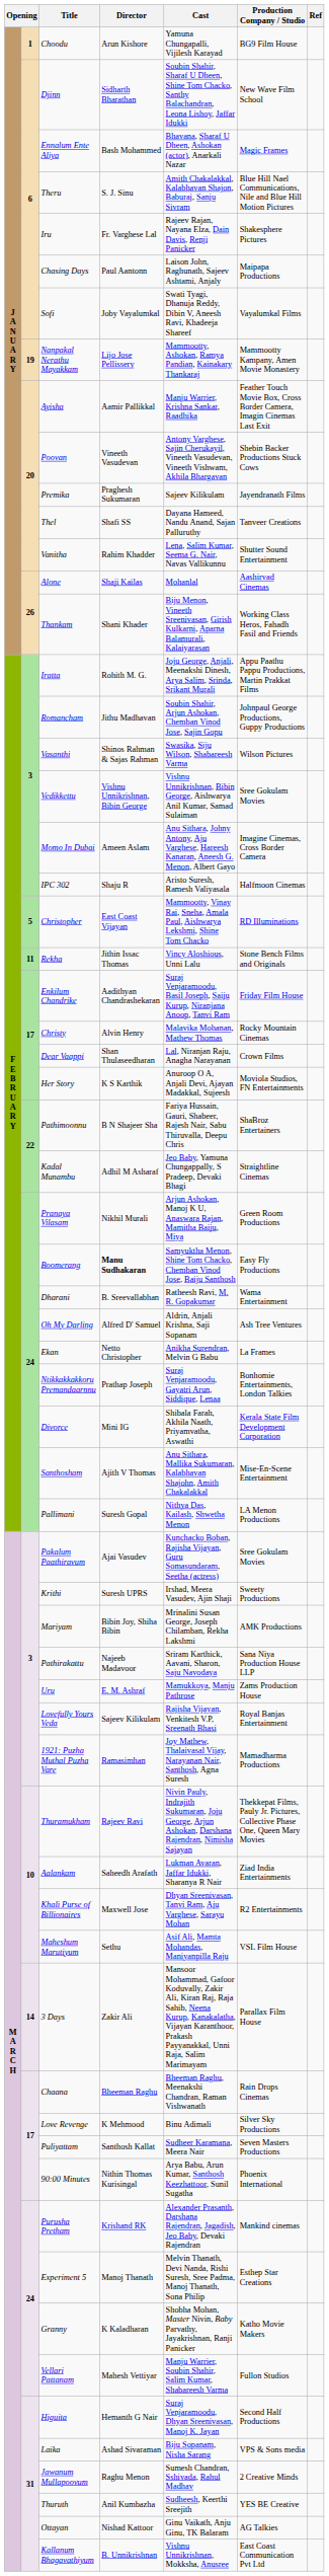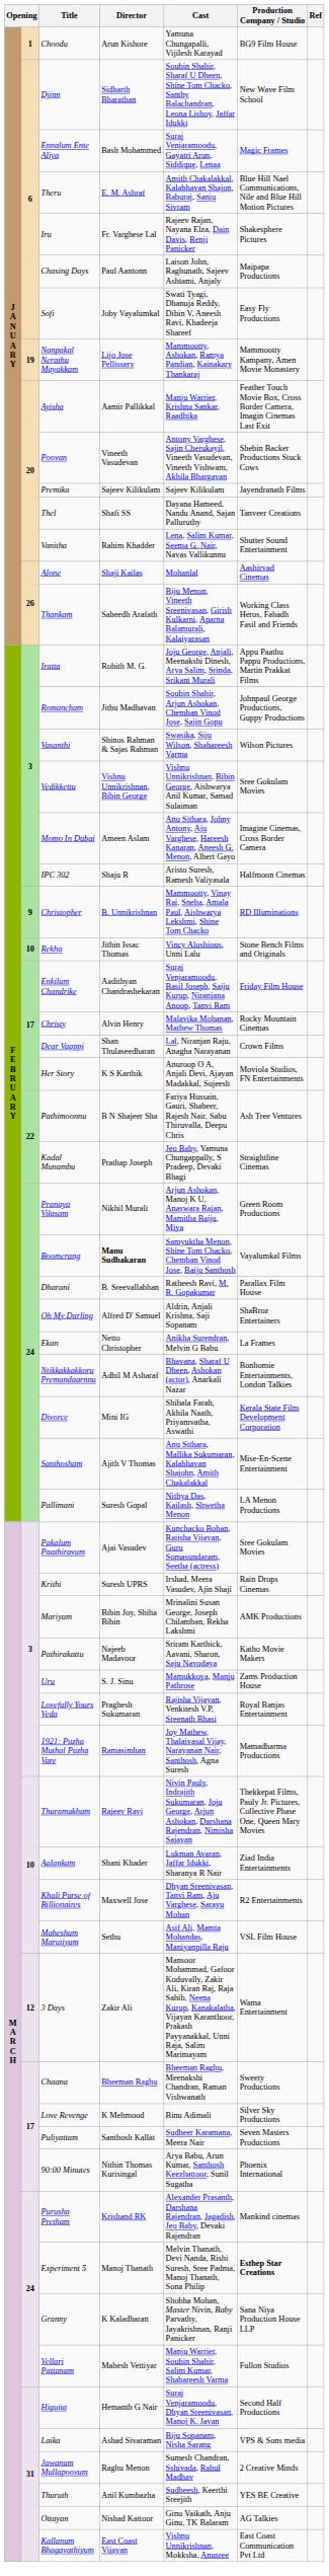 <table class="wikitable sortable">
 <tr>
 <th colspan="2" class="unsortable">Opening</th>
 <th>Title</th>
 <th>Director</th>
 <th>Cast</th>
 <th>Production Company / Studio</th>
 <th>Ref</th>
 </tr>
 <tr>
 <td rowspan="15" style="text-align:center; background:#C19A6B; textcolor:#000;"><strong>J<br>A<br>N<br>U<br>A<br>R<br>Y</strong></td>
 <td rowspan="1" style="text-align:center;background:#F5DEB3;"><strong>1</strong></td>
 <td><em>Choodu</em></td>
 <td>Arun Kishore</td>
 <td>Yamuna Chungapalli, Vijilesh Karayad</td>
 <td>BG9 Film House</td>
 <td></td>
 </tr>
 <tr>
 <td rowspan="6" style="text-align:center;background:#F5DEB3;"><strong>6</strong></td>
 <td><em><a href='#'>Djinn</a></em></td>
 <td><a href='#'>Sidharth Bharathan</a></td>
 <td><a href='#'>Soubin Shahir</a>, <a href='#'>Sharaf U Dheen</a>, <a href='#'>Shine Tom Chacko</a>, <a href='#'>Santhy Balachandran</a>, <a href='#'>Leona Lishoy</a>, <a href='#'>Jaffar Idukki</a></td>
 <td>New Wave Film School</td>
 <td></td>
 </tr>
 <tr>
 <td><em><a href='#'>Ennalum Ente Aliya</a></em></td>
 <td>Bash Mohammed</td>
-<td><a href='#'>Bhavana</a>, <a href='#'>Sharaf U Dheen</a>, <a href='#'>Ashokan (actor)</a>, Anarkali Nazar</td>
+<td><a href='#'>Suraj Venjaramoodu</a>, <a href='#'>Gayatri Arun</a>, <a href='#'>Siddique</a>, <a href='#'>Lenaa</a></td>
 <td><a href='#'>Magic Frames</a></td>
 <td></td>
 </tr>
 <tr>
 <td><em>Theru</em></td>
-<td>S. J. Sinu</td>
+<td><a href='#'>E. M. Ashraf</a></td>
 <td><a href='#'>Amith Chakalakkal</a>, <a href='#'>Kalabhavan Shajon</a>, <a href='#'>Baburaj</a>, <a href='#'>Sanju Sivram</a></td>
 <td>Blue Hill Nael Communications, Nile and Blue Hill Motion Pictures</td>
 <td></td>
 </tr>
 <tr>
 <td><em>Iru</em></td>
 <td>Fr. Varghese Lal</td>
 <td>Rajeev Rajan, Nayana Elza, <a href='#'>Dain Davis</a>, <a href='#'>Renji Panicker</a></td>
 <td>Shakesphere Pictures</td>
 <td></td>
 </tr>
 <tr>
 <td><em>Chasing Days</em></td>
 <td>Paul Aantonn</td>
 <td>Laison John, Raghunath,  Sajeev Ashtami, Anjaly</td>
 <td>Maipapa Productions</td>
 <td></td>
 </tr>
 <tr>
 <td><em>Sofi</em></td>
 <td>Joby Vayalumkal</td>
 <td>Swati Tyagi, Dhanuja Reddy, Dibin V, Aneesh Ravi, Khadeeja Shareef</td>
-<td>Vayalumkal Films</td>
+<td>Easy Fly Productions</td>
 <td></td>
 </tr>
 <tr>
 <td rowspan="1" style="text-align:center;background:#F5DEB3;"><strong>19</strong></td>
 <td><em><a href='#'>Nanpakal Nerathu Mayakkam</a></em></td>
 <td><a href='#'>Lijo Jose Pellissery</a></td>
 <td><a href='#'>Mammootty</a>, <a href='#'>Ashokan</a>, <a href='#'>Ramya Pandian</a>, <a href='#'>Kainakary Thankaraj</a></td>
 <td>Mammootty Kampany, Amen Movie Monastery</td>
 <td></td>
 </tr>
 <tr>
 <td rowspan="5" style="text-align:center;background:#F5DEB3;"><strong>20</strong></td>
 <td><em><a href='#'>Ayisha</a></em></td>
 <td>Aamir Pallikkal</td>
 <td><a href='#'>Manju Warrier</a>, <a href='#'>Krishna Sankar</a>, <a href='#'>Raadhika</a></td>
 <td>Feather Touch Movie Box, Cross Border Camera, Imagin Cinemas Last Exit</td>
 <td></td>
 </tr>
 <tr>
 <td><em><a href='#'>Poovan</a></em></td>
 <td>Vineeth Vasudevan</td>
 <td><a href='#'>Antony Varghese</a>, <a href='#'>Sajin Cherukayil</a>, Vineeth Vasudevan, Vineeth Vishwam, <a href='#'>Akhila Bhargavan</a></td>
 <td>Shebin Backer Productions Stuck Cows</td>
 <td></td>
 </tr>
 <tr>
 <td><em>Premika</em></td>
-<td>Praghesh Sukumaran</td>
+<td>Sajeev Kilikulam</td>
 <td>Sajeev Kilikulam</td>
 <td>Jayendranath Films</td>
 <td></td>
 </tr>
 <tr>
 <td><em>Thel</em></td>
 <td>Shafi SS</td>
 <td>Dayana Hameed, Nandu Anand, Sajan Palluruthy</td>
 <td>Tanveer Creations</td>
 <td></td>
 </tr>
 <tr>
 <td><em>Vanitha</em></td>
 <td>Rahim Khadder</td>
 <td><a href='#'>Lena</a>, <a href='#'>Salim Kumar</a>, <a href='#'>Seema G. Nair</a>, Navas Vallikunnu</td>
 <td>Shutter Sound Entertainment</td>
 <td></td>
 </tr>
 <tr>
 <td rowspan="2" style="text-align:center;background:#F5DEB3;"><strong>26</strong></td>
 <td><em><a href='#'>Alone</a></em></td>
 <td><a href='#'>Shaji Kailas</a></td>
 <td><a href='#'>Mohanlal</a></td>
 <td><a href='#'>Aashirvad Cinemas</a></td>
 <td></td>
 </tr>
 <tr>
 <td><em><a href='#'>Thankam</a></em></td>
-<td>Shani Khader</td>
+<td>Saheedh Arafath</td>
 <td><a href='#'>Biju Menon</a>, <a href='#'>Vineeth Sreenivasan</a>, <a href='#'>Girish Kulkarni</a>, <a href='#'>Aparna Balamurali</a>, <a href='#'>Kalaiyarasan</a></td>
 <td>Working Class Heros, Fahadh Fasil and Friends</td>
 <td></td>
 </tr>
 <tr February!>
 <td rowspan="23" style="text-align:center; background:#8DB600; textcolor:#000;"><strong>F<br>E<br>B<br>R<br>U<br>A<br>R<br>Y</strong></td>
 <td rowspan="6" style="text-align:center; background:#A8E4A0;"><strong>3</strong></td>
 <td><em><a href='#'>Iratta</a></em></td>
 <td>Rohith M. G.</td>
 <td><a href='#'>Joju George</a>, <a href='#'>Anjali</a>, Meenakshi Dinesh, <a href='#'>Arya Salim</a>, <a href='#'>Srinda</a>, <a href='#'>Srikant Murali</a></td>
 <td>Appu Paathu Pappu Productions, Martin Prakkat Films</td>
 <td></td>
 </tr>
 <tr>
 <td><em><a href='#'>Romancham</a></em></td>
 <td>Jithu Madhavan</td>
 <td><a href='#'>Soubin Shahir</a>, <a href='#'>Arjun Ashokan</a>, <a href='#'>Chemban Vinod Jose</a>, <a href='#'>Sajin Gopu</a></td>
 <td>Johnpaul George Productions, Guppy Productions</td>
 <td></td>
 </tr>
 <tr>
 <td><em><a href='#'>Vasanthi</a></em></td>
 <td>Shinos Rahman & Sajas Rahman</td>
 <td><a href='#'>Swasika</a>, <a href='#'>Siju Wilson</a>, <a href='#'>Shabareesh Varma</a></td>
 <td>Wilson Pictures</td>
 <td></td>
 </tr>
 <tr>
 <td><em><a href='#'>Vedikkettu</a></em></td>
 <td><a href='#'>Vishnu Unnikrishnan</a>, <a href='#'>Bibin George</a></td>
 <td><a href='#'>Vishnu Unnikrishnan</a>, <a href='#'>Bibin George</a>, Aishwarya Anil Kumar, Samad Sulaiman</td>
 <td>Sree Gokulam Movies</td>
 <td></td>
 </tr>
 <tr>
 <td><em><a href='#'>Momo In Dubai</a></em></td>
 <td>Ameen Aslam</td>
 <td><a href='#'>Anu Sithara</a>, <a href='#'>Johny Antony</a>, <a href='#'>Aju Varghese</a>, <a href='#'>Hareesh Kanaran</a>, <a href='#'>Aneesh G. Menon</a>, Albert Gayo</td>
 <td>Imagine Cinemas, Cross Border Camera</td>
 <td></td>
 </tr>
 <tr>
 <td><em>IPC 302</em></td>
 <td>Shaju R</td>
 <td>Aristo Suresh, Ramesh Valiyasala</td>
 <td>Halfmoon Cinemas</td>
 <td></td>
 </tr>
 <tr>
-<td style="text-align:center; background:#A8E4A0;"><strong>5</strong></td>
+<td style="text-align:center; background:#A8E4A0;"><strong>9</strong></td>
 <td><em><a href='#'>Christopher</a></em></td>
-<td><a href='#'>East Coast Vijayan</a></td>
+<td><a href='#'>B. Unnikrishnan</a></td>
 <td><a href='#'>Mammootty</a>, <a href='#'>Vinay Rai</a>, <a href='#'>Sneha</a>, <a href='#'>Amala Paul</a>, <a href='#'>Aishwarya Lekshmi</a>, <a href='#'>Shine Tom Chacko</a></td>
 <td><a href='#'>RD Illuminations</a></td>
 <td></td>
 </tr>
 <tr>
-<td style="text-align:center; background:#A8E4A0;"><strong>11</strong></td>
+<td style="text-align:center; background:#A8E4A0;"><strong>10</strong></td>
 <td><em><a href='#'>Rekha</a></em></td>
 <td>Jithin Issac Thomas</td>
 <td><a href='#'>Vincy Aloshious</a>, Unni Lalu</td>
 <td>Stone Bench Films and Originals</td>
 <td></td>
 </tr>
 <tr>
 <td rowspan="4" style="text-align:center; background:#A8E4A0;"><strong>17</strong></td>
 <td><em><a href='#'>Enkilum Chandrike</a></em></td>
 <td>Aadithyan Chandrashekaran</td>
 <td><a href='#'>Suraj Venjaramoodu</a>, <a href='#'>Basil Joseph</a>, <a href='#'>Saiju Kurup</a>, <a href='#'>Niranjana Anoop</a>, <a href='#'>Tanvi Ram</a></td>
 <td><a href='#'>Friday Film House</a></td>
 <td></td>
 </tr>
 <tr>
 <td><em><a href='#'>Christy</a></em></td>
 <td>Alvin Henry</td>
 <td><a href='#'>Malavika Mohanan</a>, <a href='#'>Mathew Thomas</a></td>
 <td>Rocky Mountain Cinemas</td>
 <td></td>
 </tr>
 <tr>
 <td><em><a href='#'>Dear Vaappi</a></em></td>
 <td>Shan Thulaseedharan</td>
 <td><a href='#'>Lal</a>, Niranjan Raju, Anagha Narayanan</td>
 <td>Crown Films</td>
 <td></td>
 </tr>
 <tr>
 <td><em>Her Story</em></td>
 <td>K S Karthik</td>
 <td>Anuroop O A, Anjali Devi, Ajayan Madakkal, Sujeesh</td>
 <td>Moviola Studios, FN Entertainments</td>
 <td><br></td>
 </tr>
 <tr>
 <td rowspan="2" style="text-align:center; background:#A8E4A0;"><strong>22</strong></td>
 <td><em>Pathimoonnu</em></td>
 <td>B N Shajeer Sha</td>
 <td>Fariya Hussain, Gauri, Shabeer, Rajesh Nair, Sabu Thiruvalla, Deepu Chris</td>
-<td>ShaBroz Entertainers</td>
+<td>Ash Tree Ventures</td>
 <td></td>
 </tr>
 <tr>
 <td><em>Kadal Munambu</em></td>
-<td>Adhil M Asharaf</td>
+<td>Prathap Joseph</td>
 <td><a href='#'>Jeo Baby</a>, Yamuna Chungappally, S Pradeep, Devaki Bhagi</td>
 <td>Straightline Cinemas</td>
 <td></td>
 </tr>
 <tr>
 <td rowspan="9" style="text-align:center; background:#A8E4A0;"><strong>24</strong></td>
 <td><em><a href='#'>Pranaya Vilasam</a></em></td>
 <td>Nikhil Murali</td>
 <td><a href='#'>Arjun Ashokan</a>, Manoj K U, <a href='#'>Anaswara Rajan</a>, <a href='#'>Mamitha Baiju</a>, <a href='#'>Miya</a></td>
 <td>Green Room Productions</td>
 <td></td>
 </tr>
 <tr>
 <td><em><a href='#'>Boomerang</a></em></td>
 <td><strong>Manu Sudhakaran</strong></td>
 <td><a href='#'>Samyuktha Menon</a>, <a href='#'>Shine Tom Chacko</a>, <a href='#'>Chemban Vinod Jose</a>, <a href='#'>Baiju Santhosh</a></td>
-<td>Easy Fly Productions</td>
+<td>Vayalumkal Films</td>
 <td></td>
 </tr>
 <tr>
 <td><em>Dharani</em></td>
 <td>B. Sreevallabhan</td>
 <td>Ratheesh Ravi, <a href='#'>M. R. Gopakumar</a></td>
-<td>Wama Entertainment</td>
+<td>Parallax Film House</td>
 <td></td>
 </tr>
 <tr>
 <td><em><a href='#'>Oh My Darling</a></em></td>
 <td>Alfred D' Samuel</td>
 <td>Aldrin, Anjali Krishna, Saji Sopanam</td>
-<td>Ash Tree Ventures</td>
+<td>ShaBroz Entertainers</td>
 <td></td>
 </tr>
 <tr>
 <td><em>Ekan</em></td>
 <td>Netto Christopher</td>
 <td><a href='#'>Anikha Surendran</a>, Melvin G Babu</td>
 <td>La Frames</td>
 <td></td>
 </tr>
 <tr>
 <td><em><a href='#'>Ntikkakkakkoru Premandaarnnu</a></em></td>
-<td>Prathap Joseph</td>
-<td><a href='#'>Suraj Venjaramoodu</a>, <a href='#'>Gayatri Arun</a>, <a href='#'>Siddique</a>, <a href='#'>Lenaa</a></td>
+<td>Adhil M Asharaf</td>
+<td><a href='#'>Bhavana</a>, <a href='#'>Sharaf U Dheen</a>, <a href='#'>Ashokan (actor)</a>, Anarkali Nazar</td>
 <td>Bonhomie Entertainments, London Talkies</td>
 <td></td>
 </tr>
 <tr>
 <td><em><a href='#'>Divorce</a></em></td>
 <td>Mini IG</td>
 <td>Shibala Farah, Akhila Naath, Priyamvatha, Aswathi</td>
 <td><a href='#'>Kerala State Film Development Corporation</a></td>
 <td></td>
 </tr>
 <tr>
 <td><em><a href='#'>Santhosham</a></em></td>
 <td>Ajith V Thomas</td>
 <td><a href='#'>Anu Sithara</a>, <a href='#'>Mallika Sukumaran</a>, <a href='#'>Kalabhavan Shajohn</a>, <a href='#'>Amith Chakalakkal</a></td>
 <td>Mise-En-Scene Entertainment</td>
 <td></td>
 </tr>
 <tr>
 <td><em>Pallimani</em></td>
 <td>Suresh Gopal</td>
 <td><a href='#'>Nithya Das</a>, <a href='#'>Kailash</a>, <a href='#'>Shwetha Menon</a></td>
 <td>LA Menon Productions</td>
 <td></td>
 </tr>
 <tr>
 <td rowspan="26" style="text-align:center; background:#dcc7df; textcolor:#000;"><strong>M<br>A<br>R<br>C<br>H</strong></td>
 <td rowspan="7" style="text-align:center;background:#ede3ef;"><strong>3</strong></td>
 <td><em><a href='#'>Pakalum Paathiravum</a></em></td>
 <td>Ajai Vasudev</td>
 <td><a href='#'>Kunchacko Boban</a>, <a href='#'>Rajisha Vijayan</a>, <a href='#'>Guru Somasundaram</a>, <a href='#'>Seetha (actress)</a></td>
 <td>Sree Gokulam Movies</td>
 <td></td>
 </tr>
 <tr>
 <td><em>Krithi</em></td>
 <td>Suresh UPRS</td>
 <td>Irshad, Meera Vasudev, Ajin Shaji</td>
-<td>Sweety Productions</td>
+<td>Rain Drops Cinemas</td>
 <td></td>
 </tr>
 <tr>
 <td><em>Mariyam</em></td>
 <td>Bibin Joy, Shiha Bibin</td>
 <td>Mrinalini Susan George, Joseph Chilamban, Rekha Lakshmi</td>
 <td>AMK Productions</td>
 <td></td>
 </tr>
 <tr>
 <td><em>Pathirakattu</em></td>
 <td>Najeeb Madavoor</td>
 <td>Sriram Karthick, Aavani, Sharon, <a href='#'>Saju Navodaya</a></td>
-<td>Sana Niya Production House LLP</td>
+<td>Katho Movie Makers</td>
 <td></td>
 </tr>
 <tr>
 <td><em><a href='#'>Uru</a></em></td>
-<td><a href='#'>E. M. Ashraf</a></td>
+<td>S. J. Sinu</td>
 <td><a href='#'>Mamukkoya</a>, <a href='#'>Manju Pathrose</a></td>
 <td>Zams Production House</td>
 <td></td>
 </tr>
 <tr>
 <td><em><a href='#'>Lovefully Yours Veda</a></em></td>
-<td>Sajeev Kilikulam</td>
+<td>Praghesh Sukumaran</td>
 <td><a href='#'>Rajisha Vijayan</a>, Venkitesh V.P, <a href='#'>Sreenath Bhasi</a></td>
 <td>Royal Banjas Entertainment</td>
 <td></td>
 </tr>
 <tr>
 <td><em><a href='#'>1921: Puzha Muthal Puzha Vare</a></em></td>
 <td><a href='#'>Ramasimhan</a></td>
 <td><a href='#'>Joy Mathew</a>, <a href='#'>Thalaivasal Vijay</a>, <a href='#'>Narayanan Nair</a>, <a href='#'>Santhosh</a>, Agna Suresh</td>
 <td>Mamadharma Productions</td>
 <td></td>
 </tr>
 <tr>
 <td rowspan="4" style="text-align:center;background:#ede3ef;"><strong>10</strong></td>
 <td><em><a href='#'>Thuramukham</a></em></td>
 <td><a href='#'>Rajeev Ravi</a></td>
 <td><a href='#'>Nivin Pauly</a>, <a href='#'>Indrajith Sukumaran</a>, <a href='#'>Joju George</a>, <a href='#'>Arjun Ashokan</a>, <a href='#'>Darshana Rajendran</a>, <a href='#'>Nimisha Sajayan</a></td>
 <td>Thekkepat Films, Pauly Jr. Pictures, Collective Phase One, Queen Mary Movies</td>
 <td></td>
 </tr>
 <tr>
 <td><em><a href='#'>Aalankam</a></em></td>
-<td>Saheedh Arafath</td>
+<td>Shani Khader</td>
 <td><a href='#'>Lukman Avaran</a>, <a href='#'>Jaffar Idukki</a>, Sharanya R Nair</td>
 <td>Ziad India Entertainments</td>
 <td></td>
 </tr>
 <tr>
 <td><em><a href='#'>Khali Purse of Billionaires</a></em></td>
 <td>Maxwell Jose</td>
 <td><a href='#'>Dhyan Sreenivasan</a>, <a href='#'>Tanvi Ram</a>, <a href='#'>Aju Varghese</a>, <a href='#'>Sarayu Mohan</a></td>
 <td>R2 Entertainments</td>
 <td></td>
 </tr>
 <tr>
 <td><em><a href='#'>Maheshum Marutiyum</a></em></td>
 <td>Sethu</td>
 <td><a href='#'>Asif Ali</a>, <a href='#'>Mamta Mohandas</a>, <a href='#'>Maniyanpilla Raju</a></td>
 <td>VSL Film House</td>
 <td></td>
 </tr>
 <tr>
-<td rowspan="1" style="text-align:center;background:#ede3ef;"><strong>14</strong></td>
+<td rowspan="1" style="text-align:center;background:#ede3ef;"><strong>12</strong></td>
 <td><em>3 Days</em></td>
 <td>Zakir Ali</td>
 <td>Mansoor Mohammad, Gafoor Koduvally, Zakir Ali, Kiran Raj, Raja Sahib, <a href='#'>Neena Kurup</a>, <a href='#'>Kanakalatha</a>, Vijayan Karanthoor, Prakash Payyanakkal, Unni Raja, Salim Marimayam</td>
-<td>Parallax Film House</td>
+<td>Wama Entertainment</td>
 <td></td>
 </tr>
 <tr>
 <td rowspan="4" style="text-align:center;background:#ede3ef;"><strong>17</strong></td>
 <td><em>Chaana</em></td>
 <td><a href='#'>Bheeman Raghu</a></td>
 <td><a href='#'>Bheeman Raghu</a>, Meenakshi Chandran, Raman Vishwanath</td>
-<td>Rain Drops Cinemas</td>
+<td>Sweety Productions</td>
 <td></td>
 </tr>
 <tr>
 <td><em>Love Revenge</em></td>
 <td>K Mehmood</td>
 <td>Binu Adimali</td>
 <td>Silver Sky Productions</td>
 <td></td>
 </tr>
 <tr>
 <td><em>Puliyattam</em></td>
 <td>Santhosh Kallat</td>
 <td><a href='#'>Sudheer Karamana</a>, Meera Nair</td>
 <td>Seven Masters Productions</td>
 <td></td>
 </tr>
 <tr>
 <td><em>90:00 Minutes</em></td>
 <td>Nithin Thomas Kurisingal</td>
 <td>Arya Babu, Arun Kumar, <a href='#'>Santhosh Keezhattoor</a>, Sunil Sugatha</td>
 <td>Phoenix International</td>
 <td></td>
 </tr>
 <tr>
 <td rowspan="4" style="text-align:center;background:#ede3ef;"><strong>24</strong></td>
 <td><em><a href='#'>Purusha Pretham</a></em></td>
 <td><a href='#'>Krishand RK</a></td>
 <td><a href='#'>Alexander Prasanth</a>, <a href='#'>Darshana Rajendran</a>, <a href='#'>Jagadish</a>, <a href='#'>Jeo Baby</a>, Devaki Rajendran</td>
 <td>Mankind cinemas</td>
 <td></td>
 </tr>
 <tr>
 <td><em>Experiment 5</em></td>
 <td>Manoj Thanath</td>
 <td>Melvin Thanath, Devi Nanda, Rishi Suresh, Sree Padma, Manoj Thanath, Sona Philip</td>
-<td>Esthep Star Creations</td>
+<td><strong>Esthep Star Creations</strong></td>
 <td></td>
 </tr>
 <tr>
 <td><em>Granny</em></td>
 <td>K Kaladharan</td>
 <td>Shobha Mohan, <em>Master</em> Nivin, <em>Baby</em> Parvathy, Jayakrishnan, Ranji Panicker</td>
-<td>Katho Movie Makers</td>
+<td>Sana Niya Production House LLP</td>
 <td></td>
 </tr>
 <tr>
 <td><em><a href='#'>Vellari Pattanam</a></em></td>
 <td>Mahesh Vettiyar</td>
 <td><a href='#'>Manju Warrier</a>, <a href='#'>Soubin Shahir</a>, <a href='#'>Salim Kumar</a>, <a href='#'>Shabareesh Varma</a></td>
 <td>Fullon Studios</td>
 <td></td>
 </tr>
 <tr>
 <td rowspan="6" style="text-align:center;background:#ede3ef;"><strong>31</strong></td>
 <td><em><a href='#'>Higuita</a></em></td>
 <td>Hemanth G Nair</td>
 <td><a href='#'>Suraj Venjaramoodu</a>, <a href='#'>Dhyan Sreenivasan</a>, <a href='#'>Manoj K. Jayan</a></td>
 <td>Second Half Productions</td>
 <td></td>
 </tr>
 <tr>
 <td><em>Laika</em></td>
 <td>Ashad Sivaraman</td>
 <td><a href='#'>Biju Sopanam</a>, <a href='#'>Nisha Sarang</a></td>
 <td>VPS & Sons media</td>
 <td></td>
 </tr>
 <tr>
 <td><em><a href='#'>Jawanum Mullapoovum</a></em></td>
 <td>Raghu Menon</td>
 <td>Sumesh Chandran, <a href='#'>Sshivada</a>, <a href='#'>Rahul Madhav</a></td>
 <td>2 Creative Minds</td>
 <td></td>
 </tr>
 <tr>
 <td><em>Thuruth</em></td>
 <td>Anil Kumbazha</td>
 <td><a href='#'>Sudheesh</a>, Keerthi Sreejith</td>
 <td>YES BE Creative</td>
 <td></td>
 </tr>
 <tr>
 <td><em>Ottayan</em></td>
 <td>Nishad Kattoor</td>
 <td>Ginu Vaikath, Anju Ginu, TK Balaram</td>
 <td>AG Talkies</td>
 <td></td>
 </tr>
 <tr>
 <td><em><a href='#'>Kallanum Bhagavathiyum</a></em></td>
-<td><a href='#'>B. Unnikrishnan</a></td>
+<td><a href='#'>East Coast Vijayan</a></td>
 <td><a href='#'>Vishnu Unnikrishnan</a>, Mokksha, <a href='#'>Anusree</a></td>
 <td>East Coast Communication Pvt Ltd</td>
 <td></td>
 </tr>
 </table>
